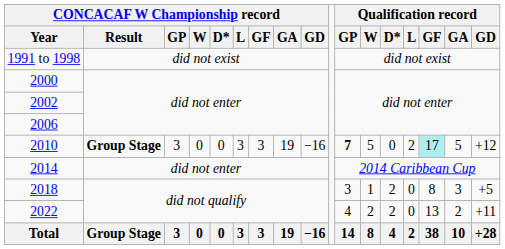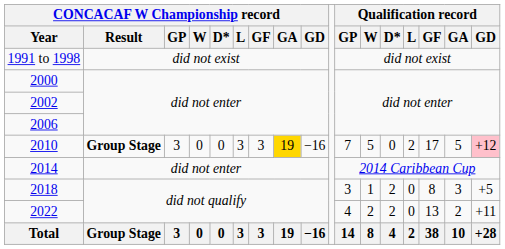 <table class="wikitable" style="text-align: center">
 <tr>
 <th colspan=9><a href='#'>CONCACAF W Championship</a> record</th>
 <td rowspan=13></td>
 <th colspan=7>Qualification record</th>
 </tr>
 <tr>
 <th>Year</th>
 <th>Result</th>
 <th>GP</th>
 <th>W</th>
 <th>D*</th>
 <th>L</th>
 <th>GF</th>
 <th>GA</th>
 <th>GD</th>
 <th>GP</th>
 <th>W</th>
 <th>D*</th>
 <th>L</th>
 <th>GF</th>
 <th>GA</th>
 <th>GD</th>
 </tr>
 <tr>
 <td> <a href='#'>1991</a> to  <a href='#'>1998</a></td>
 <td colspan=8><em>did not exist</em></td>
 <td colspan=7><em>did not exist</em></td>
 </tr>
 <tr>
 <td> <a href='#'>2000</a></td>
 <td colspan=8 rowspan=3><em>did not enter</em></td>
 <td colspan=7 rowspan=3><em>did not enter</em></td>
 </tr>
 <tr>
 <td> <a href='#'>2002</a></td>
 </tr>
 <tr>
 <td> <a href='#'>2006</a></td>
 </tr>
 <tr>
 <td> <a href='#'>2010</a></td>
 <td><strong>Group Stage</strong></td>
 <td>3</td>
 <td>0</td>
 <td>0</td>
 <td>3</td>
 <td>3</td>
-<td>19</td>
+<td style="background: gold;">19</td>
 <td>−16</td>
-<td><strong>7</strong></td>
+<td>7</td>
 <td>5</td>
 <td>0</td>
 <td>2</td>
-<td style="background: paleturquoise;">17</td>
+<td>17</td>
 <td>5</td>
-<td>+12</td>
+<td style="background: pink;">+12</td>
 </tr>
 <tr>
 <td> <a href='#'>2014</a></td>
 <td colspan=8><em>did not enter</em></td>
 <td colspan=7><em><a href='#'>2014 Caribbean Cup</a></em></td>
 </tr>
 <tr>
 <td> <a href='#'>2018</a></td>
 <td colspan=8 rowspan=2><em>did not qualify</em></td>
 <td>3</td>
 <td>1</td>
 <td>2</td>
 <td>0</td>
 <td>8</td>
 <td>3</td>
 <td>+5</td>
 </tr>
 <tr>
 <td> <a href='#'>2022</a></td>
 <td>4</td>
 <td>2</td>
 <td>2</td>
 <td>0</td>
 <td>13</td>
 <td>2</td>
 <td>+11</td>
 </tr>
 <tr>
 <th>Total</th>
 <th>Group Stage</th>
 <th>3</th>
 <th>0</th>
 <th>0</th>
 <th>3</th>
 <th>3</th>
 <th>19</th>
 <th>−16</th>
 <th>14</th>
 <th>8</th>
 <th>4</th>
 <th>2</th>
 <th>38</th>
 <th>10</th>
 <th>+28</th>
 </tr>
 </table>
